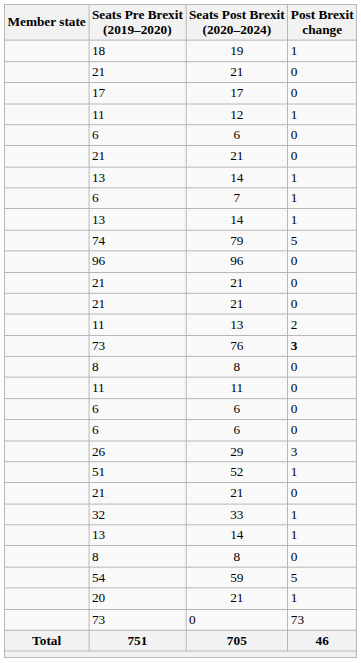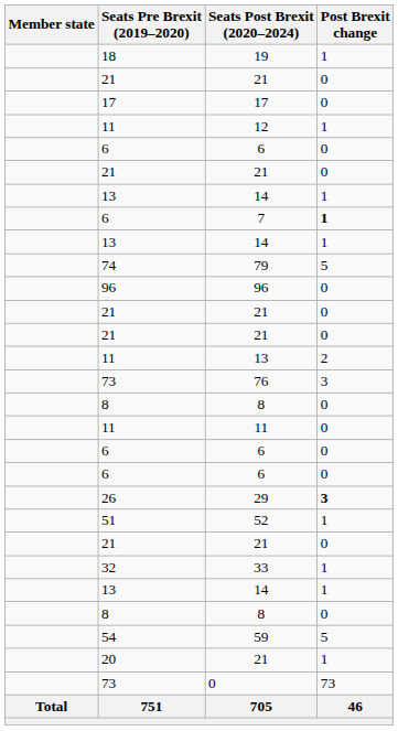 <table class="wikitable sortable">
 <tr>
 <th>Member state</th>
 <th>Seats Pre Brexit<br>(2019–2020)</th>
 <th>Seats Post Brexit<br>(2020–2024)</th>
 <th>Post Brexit<br>change</th>
 </tr>
 <tr>
 <td></td>
 <td>18</td>
 <td align="center">19</td>
 <td> 1</td>
 </tr>
 <tr>
 <td></td>
 <td>21</td>
 <td align="center">21</td>
 <td> 0</td>
 </tr>
 <tr>
 <td></td>
 <td>17</td>
 <td align="center">17</td>
 <td> 0</td>
 </tr>
 <tr>
 <td></td>
 <td>11</td>
 <td align="center">12</td>
 <td> 1</td>
 </tr>
 <tr>
 <td></td>
 <td>6</td>
 <td align="center">6</td>
 <td> 0</td>
 </tr>
 <tr>
 <td></td>
 <td>21</td>
 <td align="center">21</td>
 <td> 0</td>
 </tr>
 <tr>
 <td></td>
 <td>13</td>
 <td align="center">14</td>
 <td> 1</td>
 </tr>
 <tr>
 <td></td>
 <td>6</td>
 <td align="center">7</td>
-<td> 1</td>
+<td><strong> 1</strong></td>
 </tr>
 <tr>
 <td></td>
 <td>13</td>
 <td align="center">14</td>
 <td> 1</td>
 </tr>
 <tr>
 <td></td>
 <td>74</td>
 <td align="center">79</td>
 <td> 5</td>
 </tr>
 <tr>
 <td></td>
 <td>96</td>
 <td align="center">96</td>
 <td> 0</td>
 </tr>
 <tr>
 <td></td>
 <td>21</td>
 <td align="center">21</td>
 <td> 0</td>
 </tr>
 <tr>
 <td></td>
 <td>21</td>
 <td align="center">21</td>
 <td> 0</td>
 </tr>
 <tr>
 <td></td>
 <td>11</td>
 <td align="center">13</td>
 <td> 2</td>
 </tr>
 <tr>
 <td></td>
 <td>73</td>
 <td align="center">76</td>
-<td><strong> 3</strong></td>
+<td> 3</td>
 </tr>
 <tr>
 <td></td>
 <td>8</td>
 <td align="center">8</td>
 <td> 0</td>
 </tr>
 <tr>
 <td></td>
 <td>11</td>
 <td align="center">11</td>
 <td> 0</td>
 </tr>
 <tr>
 <td></td>
 <td>6</td>
 <td align="center">6</td>
 <td> 0</td>
 </tr>
 <tr>
 <td></td>
 <td>6</td>
 <td align="center">6</td>
 <td> 0</td>
 </tr>
 <tr>
 <td></td>
 <td>26</td>
 <td align="center">29</td>
-<td> 3</td>
+<td><strong> 3</strong></td>
 </tr>
 <tr>
 <td></td>
 <td>51</td>
 <td align="center">52</td>
 <td> 1</td>
 </tr>
 <tr>
 <td></td>
 <td>21</td>
 <td align="center">21</td>
 <td> 0</td>
 </tr>
 <tr>
 <td></td>
 <td>32</td>
 <td align="center">33</td>
 <td> 1</td>
 </tr>
 <tr>
 <td></td>
 <td>13</td>
 <td align="center">14</td>
 <td> 1</td>
 </tr>
 <tr>
 <td></td>
 <td>8</td>
 <td align="center">8</td>
 <td> 0</td>
 </tr>
 <tr>
 <td></td>
 <td>54</td>
 <td align="center">59</td>
 <td> 5</td>
 </tr>
 <tr>
 <td></td>
 <td>20</td>
 <td align="center">21</td>
 <td> 1</td>
 </tr>
 <tr>
 <td></td>
 <td>73</td>
 <td>0</td>
 <td> 73</td>
 </tr>
 <tr>
 <th>Total</th>
 <th>751</th>
 <th>705</th>
 <th> 46</th>
 </tr>
 <tr>
 <th colspan="5" style="text-align:right;"></th>
 </tr>
 </table>
